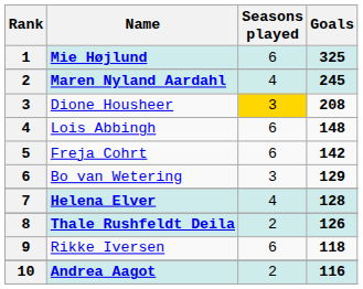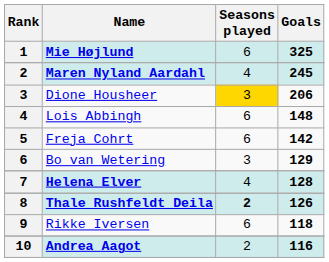 <table class="wikitable" style="text-align: center">
 <tr>
 <th>Rank</th>
 <th class="unsortable">Name</th>
 <th>Seasons<br>played</th>
 <th>Goals</th>
 </tr>
 <tr style="background-color: #CFECEC;">
 <th rowspan="1">1</th>
 <td style="text-align: left;"> <strong><a href='#'>Mie Højlund</a></strong></td>
 <td>6</td>
 <td><strong>325</strong></td>
 </tr>
 <tr>
 </tr>
 <tr style="background-color: #CFECEC;">
 <th rowspan="1">2</th>
 <td style="text-align: left;"> <strong><a href='#'>Maren Nyland Aardahl</a></strong></td>
 <td>4</td>
 <td><strong>245</strong></td>
 </tr>
 <tr>
 <th rowspan="1">3</th>
 <td style="text-align: left;"> <a href='#'>Dione Housheer</a></td>
 <td style="background: gold;">3</td>
-<td><strong>208</strong></td>
+<td><strong>206</strong></td>
 </tr>
 <tr>
 <th rowspan="1">4</th>
 <td style="text-align: left;"> <a href='#'>Lois Abbingh</a></td>
 <td>6</td>
 <td><strong>148</strong></td>
 </tr>
 <tr>
 <th rowspan="1">5</th>
 <td style="text-align: left;"> <a href='#'>Freja Cohrt</a></td>
 <td>6</td>
 <td><strong>142</strong></td>
 </tr>
 <tr>
 <th rowspan="1">6</th>
 <td style="text-align: left;"> <a href='#'>Bo van Wetering</a></td>
 <td>3</td>
 <td><strong>129</strong></td>
 </tr>
 <tr>
 </tr>
 <tr style="background-color: #CFECEC;">
 <th rowspan="1">7</th>
 <td style="text-align: left;"> <strong><a href='#'>Helena Elver</a></strong></td>
 <td>4</td>
 <td><strong>128</strong></td>
 </tr>
 <tr>
 </tr>
 <tr style="background-color: #CFECEC;">
 <th rowspan="1">8</th>
 <td style="text-align: left;"> <strong><a href='#'>Thale Rushfeldt Deila</a></strong></td>
-<td>2</td>
+<td><strong>2</strong></td>
 <td><strong>126</strong></td>
 </tr>
 <tr>
 <th rowspan="1">9</th>
 <td style="text-align: left;"> <a href='#'>Rikke Iversen</a></td>
 <td>6</td>
 <td><strong>118</strong></td>
 </tr>
 <tr>
 </tr>
 <tr style="background-color: #CFECEC;">
 <th rowspan="1">10</th>
 <td style="text-align: left;"> <strong><a href='#'>Andrea Aagot</a></strong></td>
 <td>2</td>
 <td><strong>116</strong></td>
 </tr>
 <tr>
 </tr>
 </table>
